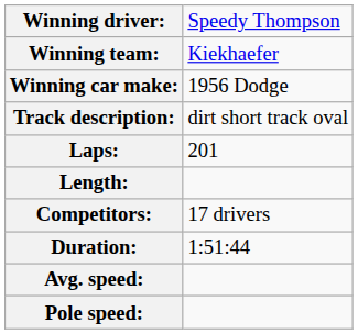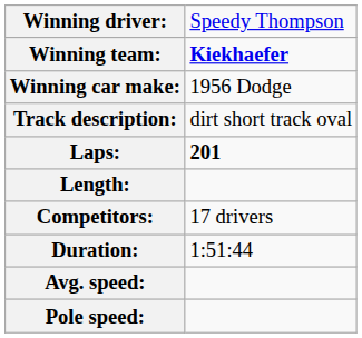 <table class="wikitable" style=text-align:left>
 <tr>
 <th>Winning driver:</th>
 <td><a href='#'>Speedy Thompson</a></td>
 </tr>
 <tr>
 <th>Winning team:</th>
-<td><a href='#'>Kiekhaefer</a></td>
+<td><strong><a href='#'>Kiekhaefer</a></strong></td>
 </tr>
 <tr>
 <th>Winning car make:</th>
 <td>1956 Dodge</td>
 </tr>
 <tr>
 <th>Track description:</th>
 <td> dirt short track oval</td>
 </tr>
 <tr>
 <th>Laps:</th>
-<td>201</td>
+<td><strong>201</strong></td>
 </tr>
 <tr>
 <th>Length:</th>
 <td></td>
 </tr>
 <tr>
 <th>Competitors:</th>
 <td>17 drivers</td>
 </tr>
 <tr>
 <th>Duration:</th>
 <td>1:51:44</td>
 </tr>
 <tr>
 <th>Avg. speed:</th>
 <td></td>
 </tr>
 <tr>
 <th>Pole speed:</th>
 <td></td>
 </tr>
 </table>
